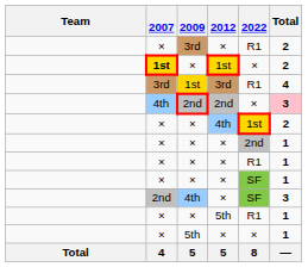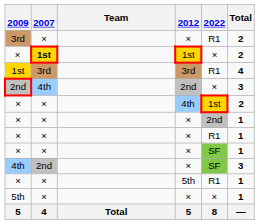 <table class="wikitable" style="text-align:center; font-size:90%">
 <tr>
+<th><br><a href='#'>2009</a></th>
+<th><br><a href='#'>2007</a></th>
 <th width=170>Team</th>
-<th><br><a href='#'>2007</a></th>
-<th><br><a href='#'>2009</a></th>
 <th><br><a href='#'>2012</a></th>
 <th><br><a href='#'>2022</a></th>
 <th>Total</th>
 </tr>
 <tr>
+<td bgcolor=#cc9966>3rd</td>
+<td>×</td>
 <td align=left></td>
-<td>×</td>
-<td bgcolor=#cc9966>3rd</td>
 <td>×</td>
 <td>R1</td>
 <td><strong>2</strong></td>
 </tr>
 <tr>
+<td>×</td>
+<td bgcolor=gold style="border:3px solid red"><strong>1st</strong></td>
 <td align=left></td>
-<td bgcolor=gold style="border:3px solid red"><strong>1st</strong></td>
-<td>×</td>
 <td bgcolor=gold style="border:3px solid red">1st</td>
 <td>×</td>
 <td><strong>2</strong></td>
 </tr>
 <tr>
+<td bgcolor=gold>1st</td>
+<td bgcolor=#cc9966>3rd</td>
 <td align=left></td>
-<td bgcolor=#cc9966>3rd</td>
-<td bgcolor=gold>1st</td>
 <td bgcolor=#cc9966>3rd</td>
 <td>R1</td>
 <td><strong>4</strong></td>
 </tr>
 <tr>
+<td bgcolor=silver style="border:3px solid red">2nd</td>
+<td bgcolor=#9acdff>4th</td>
 <td align=left></td>
-<td bgcolor=#9acdff>4th</td>
-<td bgcolor=silver style="border:3px solid red">2nd</td>
 <td bgcolor=silver>2nd</td>
 <td>×</td>
-<td style="background: pink;"><strong>3</strong></td>
+<td><strong>3</strong></td>
 </tr>
 <tr>
-<td align=left></td>
 <td>×</td>
 <td>×</td>
+<td align=left></td>
 <td bgcolor=#9acdff>4th</td>
 <td bgcolor=gold style="border:3px solid red">1st</td>
 <td><strong>2</strong></td>
 </tr>
 <tr>
-<td align=left></td>
 <td>×</td>
 <td>×</td>
+<td align=left></td>
 <td>×</td>
 <td bgcolor=silver>2nd</td>
 <td><strong>1</strong></td>
 </tr>
 <tr>
-<td align=left></td>
 <td>×</td>
 <td>×</td>
+<td align=left></td>
 <td>×</td>
 <td>R1</td>
 <td><strong>1</strong></td>
 </tr>
 <tr>
-<td align=left></td>
 <td>×</td>
 <td>×</td>
+<td align=left></td>
 <td>×</td>
 <td bgcolor=#81c846>SF</td>
 <td><strong>1</strong></td>
 </tr>
 <tr>
+<td bgcolor="#9acdff">4th</td>
+<td bgcolor="silver">2nd</td>
 <td align="left"></td>
-<td bgcolor="silver">2nd</td>
-<td bgcolor="#9acdff">4th</td>
 <td>×</td>
 <td bgcolor=#81c846>SF</td>
 <td><strong>3</strong></td>
 </tr>
 <tr>
-<td align="left"></td>
 <td>×</td>
 <td>×</td>
+<td align="left"></td>
 <td>5th</td>
 <td>R1</td>
 <td><strong>1</strong></td>
 </tr>
 <tr>
+<td>5th</td>
+<td>×</td>
 <td align="left"></td>
-<td>×</td>
-<td>5th</td>
 <td>×</td>
 <td>×</td>
 <td><strong>1</strong></td>
 </tr>
 <tr>
+<th>5</th>
+<th>4</th>
 <th>Total</th>
-<th>4</th>
-<th>5</th>
 <th>5</th>
 <th>8</th>
 <th>—</th>
 </tr>
 </table>
